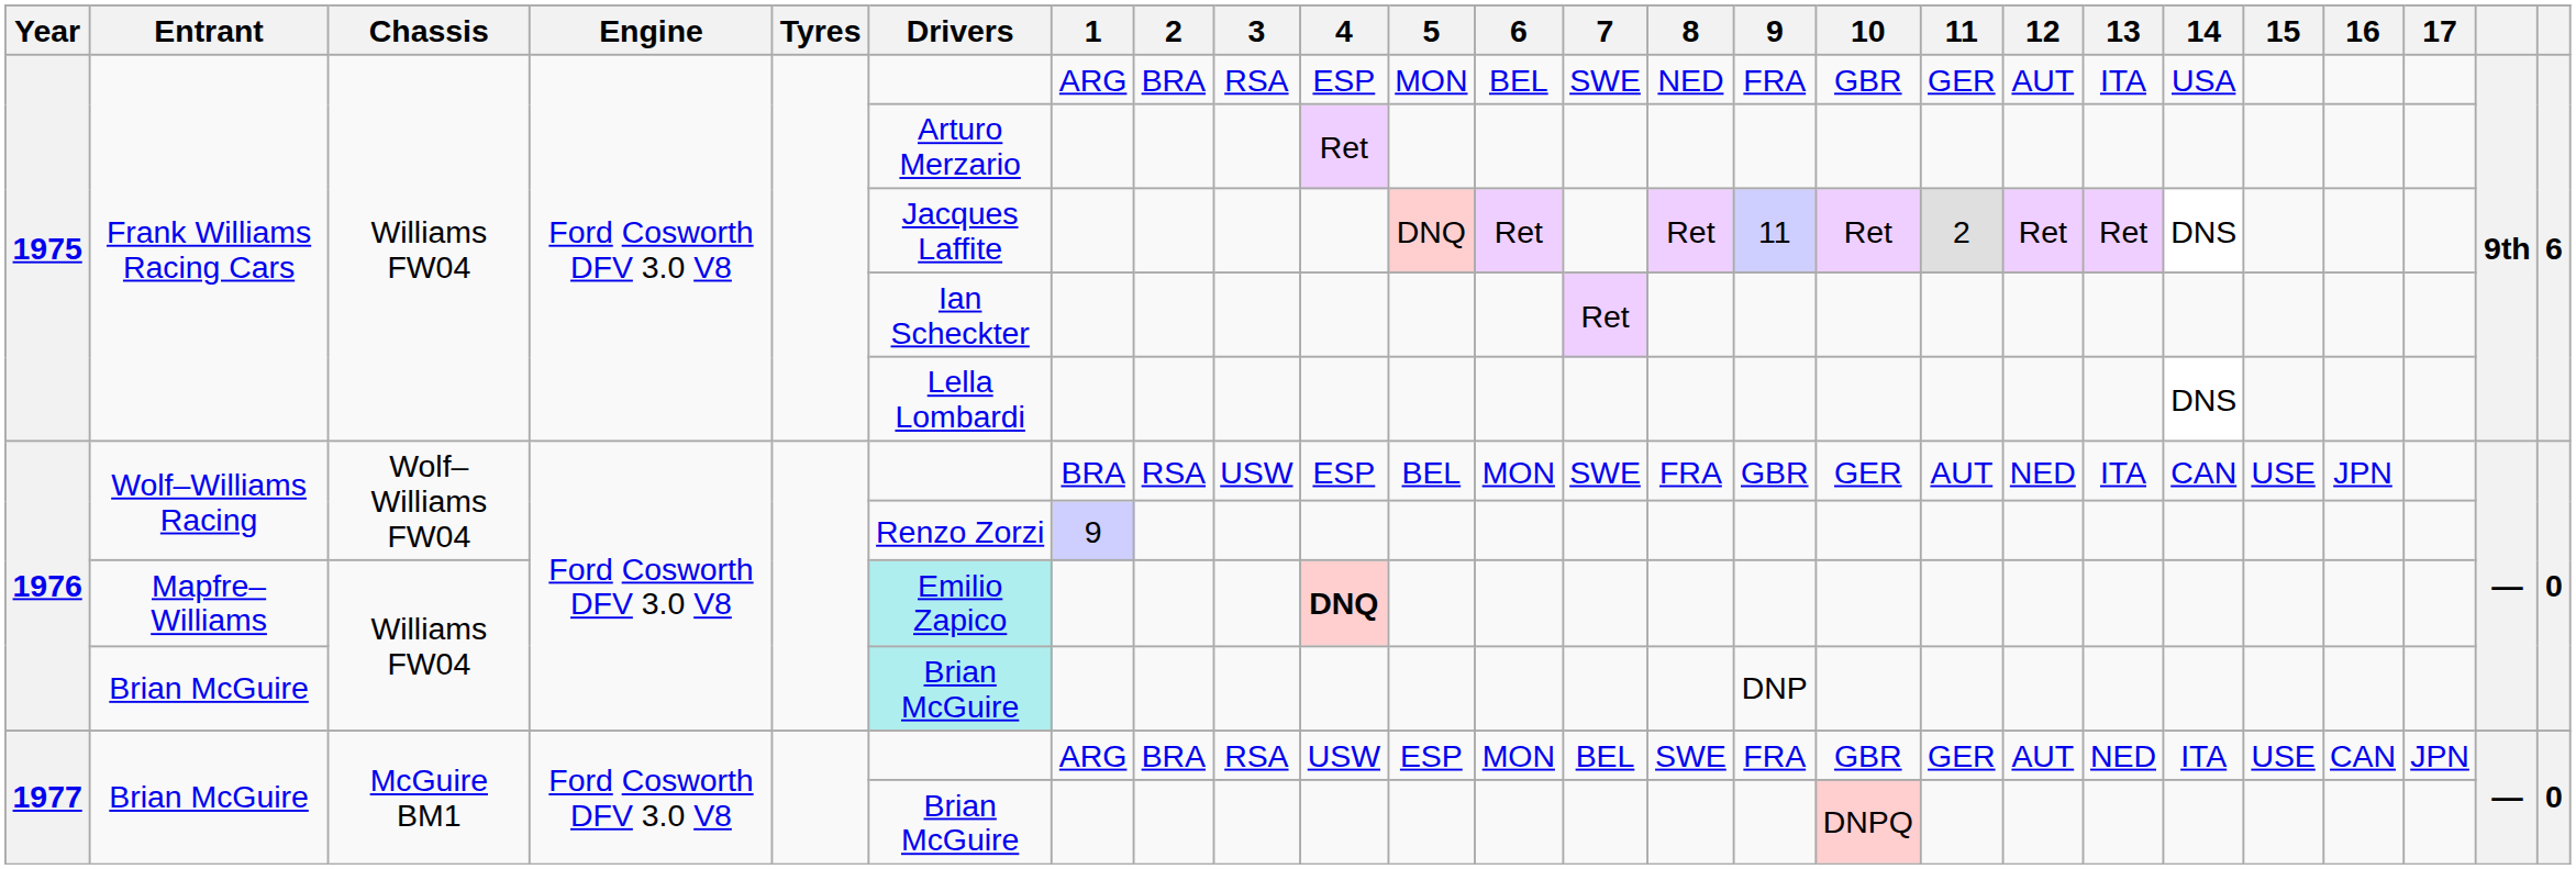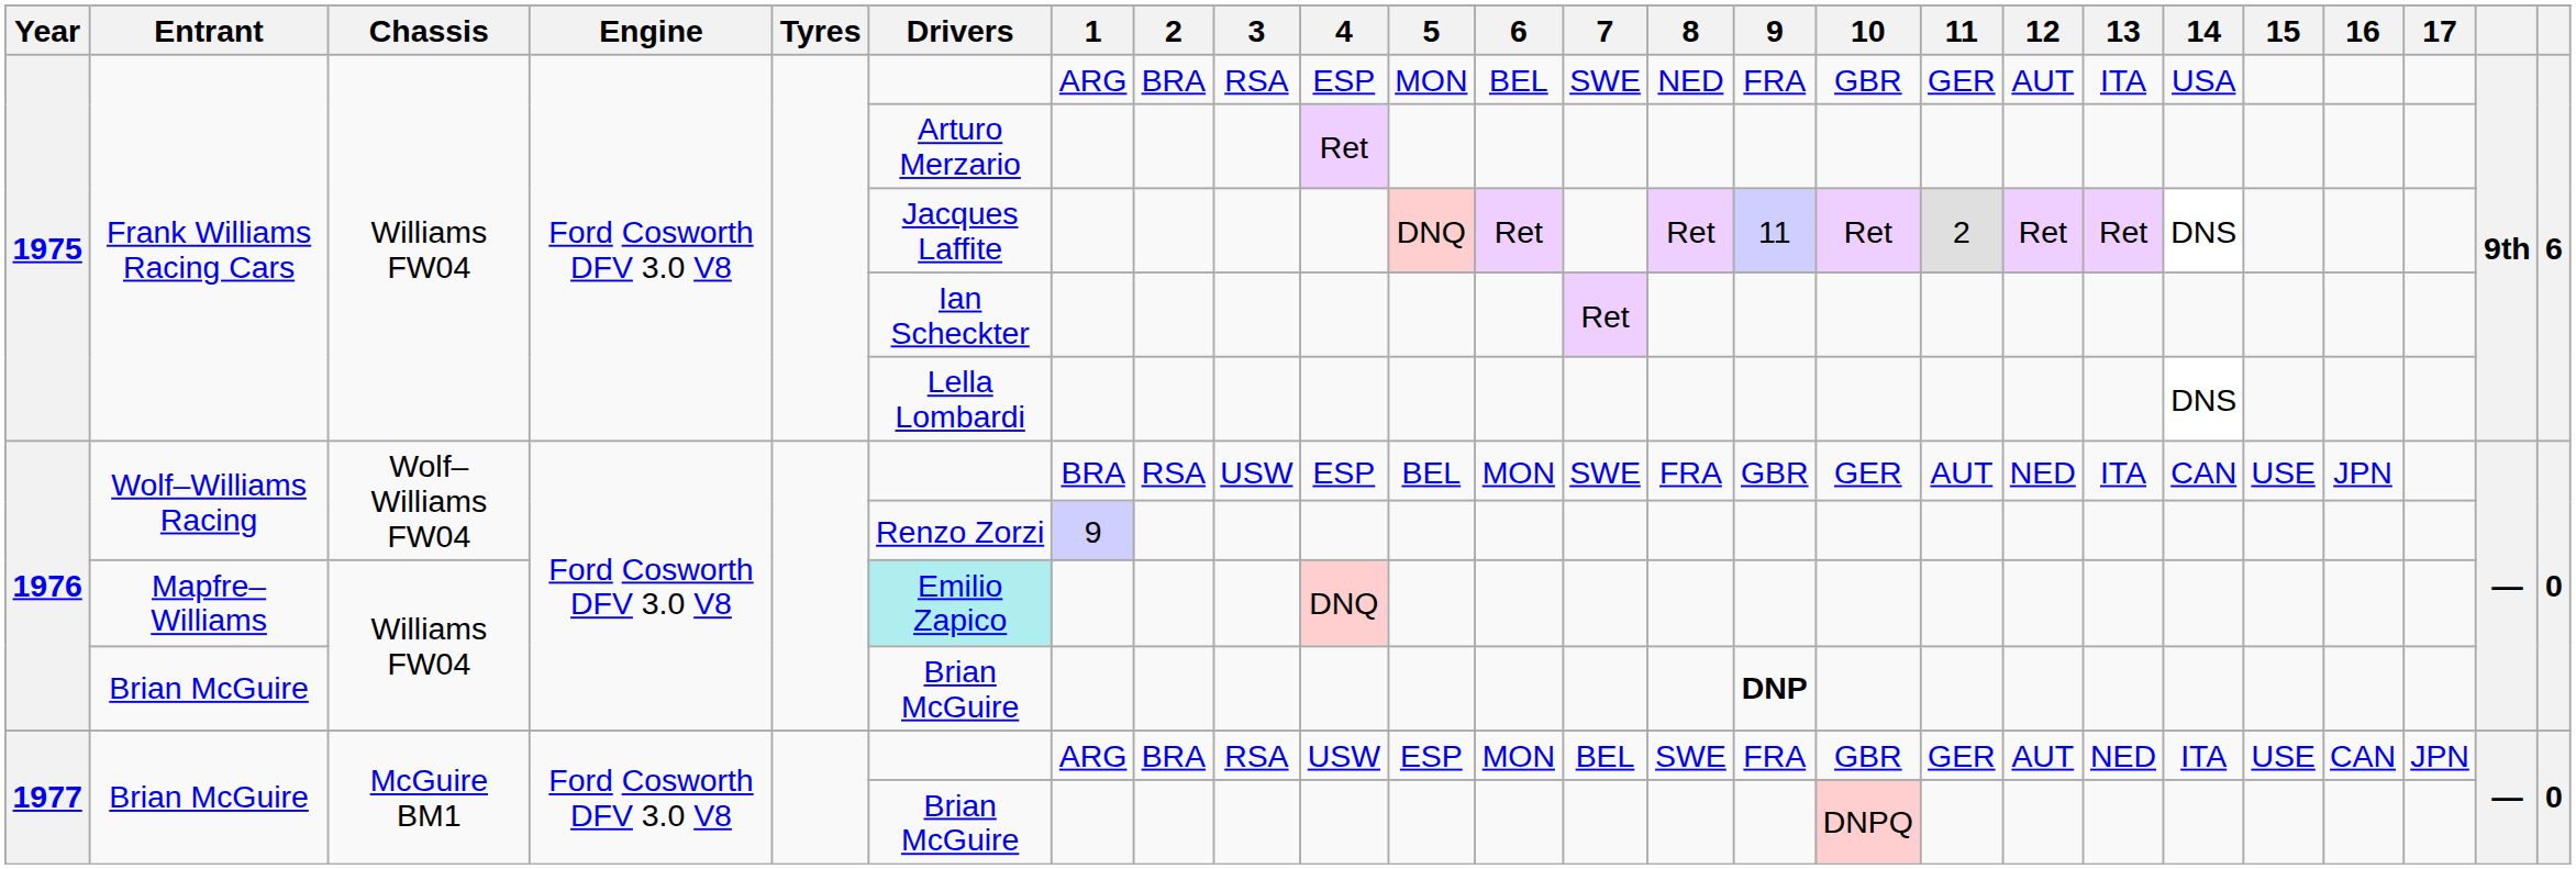 <table class="wikitable" style="text-align:center; font-size:95%">
 <tr>
 <th>Year</th>
 <th>Entrant</th>
 <th>Chassis</th>
 <th>Engine</th>
 <th>Tyres</th>
 <th>Drivers</th>
 <th>1</th>
 <th>2</th>
 <th>3</th>
 <th>4</th>
 <th>5</th>
 <th>6</th>
 <th>7</th>
 <th>8</th>
 <th>9</th>
 <th>10</th>
 <th>11</th>
 <th>12</th>
 <th>13</th>
 <th>14</th>
 <th>15</th>
 <th>16</th>
 <th>17</th>
 <th></th>
 <th></th>
 </tr>
 <tr>
 <th rowspan="5"><a href='#'>1975</a></th>
 <td rowspan="5"><a href='#'>Frank Williams Racing Cars</a></td>
 <td rowspan="5">Williams FW04</td>
 <td rowspan="5"><a href='#'>Ford</a> <a href='#'>Cosworth DFV</a> 3.0 <a href='#'>V8</a></td>
 <td rowspan="5"></td>
 <td></td>
 <td><a href='#'>ARG</a></td>
 <td><a href='#'>BRA</a></td>
 <td><a href='#'>RSA</a></td>
 <td><a href='#'>ESP</a></td>
 <td><a href='#'>MON</a></td>
 <td><a href='#'>BEL</a></td>
 <td><a href='#'>SWE</a></td>
 <td><a href='#'>NED</a></td>
 <td><a href='#'>FRA</a></td>
 <td><a href='#'>GBR</a></td>
 <td><a href='#'>GER</a></td>
 <td><a href='#'>AUT</a></td>
 <td><a href='#'>ITA</a></td>
 <td><a href='#'>USA</a></td>
 <td></td>
 <td></td>
 <td></td>
 <th rowspan="5">9th</th>
 <th rowspan="5">6</th>
 </tr>
 <tr>
 <td><a href='#'>Arturo Merzario</a></td>
 <td></td>
 <td></td>
 <td></td>
 <td style="background:#EFCFFF;">Ret</td>
 <td></td>
 <td></td>
 <td></td>
 <td></td>
 <td></td>
 <td></td>
 <td></td>
 <td></td>
 <td></td>
 <td></td>
 <td></td>
 <td></td>
 <td></td>
 </tr>
 <tr>
 <td><a href='#'>Jacques Laffite</a></td>
 <td></td>
 <td></td>
 <td></td>
 <td></td>
 <td style="background:#FFCFCF;">DNQ</td>
 <td style="background:#EFCFFF;">Ret</td>
 <td></td>
 <td style="background:#EFCFFF;">Ret</td>
 <td style="background:#CFCFFF;">11</td>
 <td style="background:#EFCFFF;">Ret</td>
 <td style="background:#dfdfdf;">2</td>
 <td style="background:#EFCFFF;">Ret</td>
 <td style="background:#EFCFFF;">Ret</td>
 <td style="background:#FFFFFF;">DNS</td>
 <td></td>
 <td></td>
 <td></td>
 </tr>
 <tr>
 <td><a href='#'>Ian Scheckter</a></td>
 <td></td>
 <td></td>
 <td></td>
 <td></td>
 <td></td>
 <td></td>
 <td style="background:#EFCFFF;">Ret</td>
 <td></td>
 <td></td>
 <td></td>
 <td></td>
 <td></td>
 <td></td>
 <td></td>
 <td></td>
 <td></td>
 <td></td>
 </tr>
 <tr>
 <td><a href='#'>Lella Lombardi</a></td>
 <td></td>
 <td></td>
 <td></td>
 <td></td>
 <td></td>
 <td></td>
 <td></td>
 <td></td>
 <td></td>
 <td></td>
 <td></td>
 <td></td>
 <td></td>
 <td style="background:#FFFFFF;">DNS</td>
 <td></td>
 <td></td>
 <td></td>
 </tr>
 <tr>
 <th rowspan="4"><a href='#'>1976</a></th>
 <td rowspan="2"><a href='#'>Wolf–Williams Racing</a></td>
 <td rowspan="2">Wolf–Williams FW04</td>
 <td rowspan="4"><a href='#'>Ford</a> <a href='#'>Cosworth DFV</a> 3.0 <a href='#'>V8</a></td>
 <td rowspan="4"></td>
 <td></td>
 <td><a href='#'>BRA</a></td>
 <td><a href='#'>RSA</a></td>
 <td><a href='#'>USW</a></td>
 <td><a href='#'>ESP</a></td>
 <td><a href='#'>BEL</a></td>
 <td><a href='#'>MON</a></td>
 <td><a href='#'>SWE</a></td>
 <td><a href='#'>FRA</a></td>
 <td><a href='#'>GBR</a></td>
 <td><a href='#'>GER</a></td>
 <td><a href='#'>AUT</a></td>
 <td><a href='#'>NED</a></td>
 <td><a href='#'>ITA</a></td>
 <td><a href='#'>CAN</a></td>
 <td><a href='#'>USE</a></td>
 <td><a href='#'>JPN</a></td>
 <td></td>
 <th rowspan="4">—</th>
 <th rowspan="4">0</th>
 </tr>
 <tr>
 <td><a href='#'>Renzo Zorzi</a></td>
 <td style="background:#CFCFFF;">9</td>
 <td></td>
 <td></td>
 <td></td>
 <td></td>
 <td></td>
 <td></td>
 <td></td>
 <td></td>
 <td></td>
 <td></td>
 <td></td>
 <td></td>
 <td></td>
 <td></td>
 <td></td>
 <td></td>
 </tr>
 <tr>
 <td><a href='#'>Mapfre–Williams</a></td>
 <td rowspan="2">Williams FW04</td>
 <td style="background: paleturquoise;"><a href='#'>Emilio Zapico</a></td>
 <td></td>
 <td></td>
 <td></td>
-<td style="background:#FFCFCF;"><strong>DNQ</strong></td>
+<td style="background:#FFCFCF;">DNQ</td>
 <td></td>
 <td></td>
 <td></td>
 <td></td>
 <td></td>
 <td></td>
 <td></td>
 <td></td>
 <td></td>
 <td></td>
 <td></td>
 <td></td>
 <td></td>
 </tr>
 <tr>
 <td><a href='#'>Brian McGuire</a></td>
-<td style="background: paleturquoise;"><a href='#'>Brian McGuire</a></td>
+<td><a href='#'>Brian McGuire</a></td>
 <td></td>
 <td></td>
 <td></td>
 <td></td>
 <td></td>
 <td></td>
 <td></td>
 <td></td>
-<td>DNP</td>
+<td><strong>DNP</strong></td>
 <td></td>
 <td></td>
 <td></td>
 <td></td>
 <td></td>
 <td></td>
 <td></td>
 <td></td>
 </tr>
 <tr>
 <th rowspan="2"><a href='#'>1977</a></th>
 <td rowspan="2"><a href='#'>Brian McGuire</a></td>
 <td rowspan="2"><a href='#'>McGuire</a> BM1</td>
 <td rowspan="2"><a href='#'>Ford</a> <a href='#'>Cosworth DFV</a> 3.0 <a href='#'>V8</a></td>
 <td rowspan="2"></td>
 <td></td>
 <td><a href='#'>ARG</a></td>
 <td><a href='#'>BRA</a></td>
 <td><a href='#'>RSA</a></td>
 <td><a href='#'>USW</a></td>
 <td><a href='#'>ESP</a></td>
 <td><a href='#'>MON</a></td>
 <td><a href='#'>BEL</a></td>
 <td><a href='#'>SWE</a></td>
 <td><a href='#'>FRA</a></td>
 <td><a href='#'>GBR</a></td>
 <td><a href='#'>GER</a></td>
 <td><a href='#'>AUT</a></td>
 <td><a href='#'>NED</a></td>
 <td><a href='#'>ITA</a></td>
 <td><a href='#'>USE</a></td>
 <td><a href='#'>CAN</a></td>
 <td><a href='#'>JPN</a></td>
 <th rowspan="2">—</th>
 <th rowspan="2">0</th>
 </tr>
 <tr>
 <td><a href='#'>Brian McGuire</a></td>
 <td></td>
 <td></td>
 <td></td>
 <td></td>
 <td></td>
 <td></td>
 <td></td>
 <td></td>
 <td></td>
 <td style="background:#FFCFCF;">DNPQ</td>
 <td></td>
 <td></td>
 <td></td>
 <td></td>
 <td></td>
 <td></td>
 <td></td>
 </tr>
 </table>
